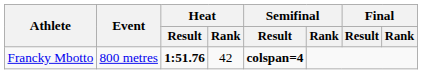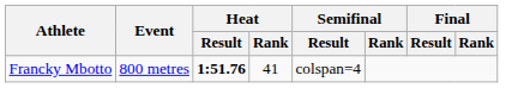 <table class="wikitable" style="font-size:90%">
 <tr>
 <th rowspan="2">Athlete</th>
 <th rowspan="2">Event</th>
 <th colspan="2">Heat</th>
 <th colspan="2">Semifinal</th>
 <th colspan="2">Final</th>
 </tr>
 <tr style="font-size:95%">
 <th>Result</th>
 <th>Rank</th>
 <th>Result</th>
 <th>Rank</th>
 <th>Result</th>
 <th>Rank</th>
 </tr>
 <tr style=text-align:center>
 <td style=text-align:left><a href='#'>Francky Mbotto</a></td>
 <td style=text-align:left><a href='#'>800 metres</a></td>
 <td><strong>1:51.76</strong></td>
-<td>42</td>
-<td><strong>colspan=4 </strong></td>
+<td>41</td>
+<td>colspan=4 </td>
 </tr>
 </table>
